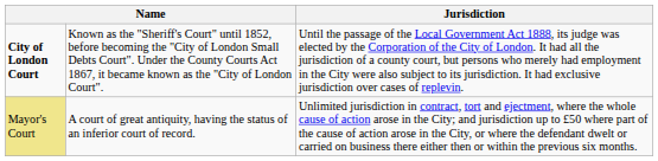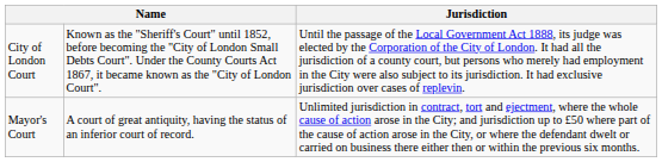 <table class="wikitable">
 <tr 3>
 <th colspan="2">Name</th>
 <th>Jurisdiction</th>
 </tr>
 <tr>
-<td><strong>City of London Court</strong></td>
+<td>City of London Court</td>
 <td>Known as the "Sheriff's Court" until 1852, before becoming the "City of London Small Debts Court". Under the County Courts Act 1867, it became known as the "City of London Court".</td>
 <td>Until the passage of the <a href='#'>Local Government Act 1888</a>, its judge was elected by the <a href='#'>Corporation of the City of London</a>. It had all the jurisdiction of a county court, but persons who merely had employment in the City were also subject to its jurisdiction. It had exclusive jurisdiction over cases of <a href='#'>replevin</a>.</td>
 </tr>
 <tr>
-<td style="background: khaki;">Mayor's Court</td>
+<td>Mayor's Court</td>
 <td>A court of great antiquity,  having the status of an inferior court of record.</td>
 <td>Unlimited jurisdiction in <a href='#'>contract</a>, <a href='#'>tort</a> and <a href='#'>ejectment</a>, where the whole <a href='#'>cause of action</a> arose in the City; and jurisdiction up to £50 where part of the cause of action arose in the City, or where the defendant dwelt or carried on business there either then or within the previous six months.</td>
 </tr>
 </table>
